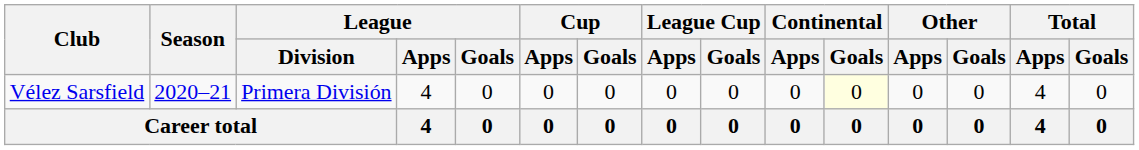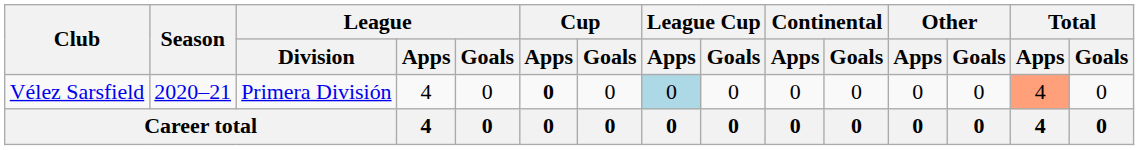 <table class="wikitable" style="text-align:center">
 <tr>
 <th rowspan="2">Club</th>
 <th rowspan="2">Season</th>
 <th colspan="3">League</th>
 <th colspan="2">Cup</th>
 <th colspan="2">League Cup</th>
 <th colspan="2">Continental</th>
 <th colspan="2">Other</th>
 <th colspan="2">Total</th>
 </tr>
 <tr>
 <th>Division</th>
 <th>Apps</th>
 <th>Goals</th>
 <th>Apps</th>
 <th>Goals</th>
 <th>Apps</th>
 <th>Goals</th>
 <th>Apps</th>
 <th>Goals</th>
 <th>Apps</th>
 <th>Goals</th>
 <th>Apps</th>
 <th>Goals</th>
 </tr>
 <tr>
 <td rowspan="1"><a href='#'>Vélez Sarsfield</a></td>
 <td><a href='#'>2020–21</a></td>
 <td rowspan="1"><a href='#'>Primera División</a></td>
 <td>4</td>
 <td>0</td>
+<td><strong>0</strong></td>
+<td>0</td>
+<td style="background: lightblue;">0</td>
 <td>0</td>
 <td>0</td>
 <td>0</td>
 <td>0</td>
 <td>0</td>
-<td style="background: lightyellow;">0</td>
-<td>0</td>
-<td>0</td>
-<td>4</td>
+<td style="background: lightsalmon;">4</td>
 <td>0</td>
 </tr>
 <tr>
 <th colspan="3">Career total</th>
 <th>4</th>
 <th>0</th>
 <th>0</th>
 <th>0</th>
 <th>0</th>
 <th>0</th>
 <th>0</th>
 <th>0</th>
 <th>0</th>
 <th>0</th>
 <th>4</th>
 <th>0</th>
 </tr>
 </table>
